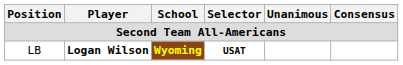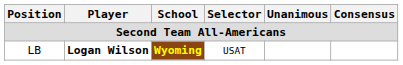 <table class="wikitable">
 <tr>
 <th>Position</th>
 <th>Player</th>
 <th>School</th>
 <th>Selector</th>
 <th>Unanimous</th>
 <th>Consensus</th>
 </tr>
 <tr>
 <td colspan="6" style="text-align:center; background:#ddd;"><strong>Second Team All-Americans</strong></td>
 </tr>
 <tr style="text-align:center;">
 <td style="background:white">LB</td>
 <td style="background:white"><strong>Logan Wilson</strong></td>
 <th style="background:#8B4513; color:#FFFF00;">Wyoming</th>
-<td style="background:white"><strong><small>USAT</small></strong></td>
+<td style="background:white"><small>USAT</small></td>
 <td style="background:white"></td>
 <td style="background:white"></td>
 </tr>
 </table>
